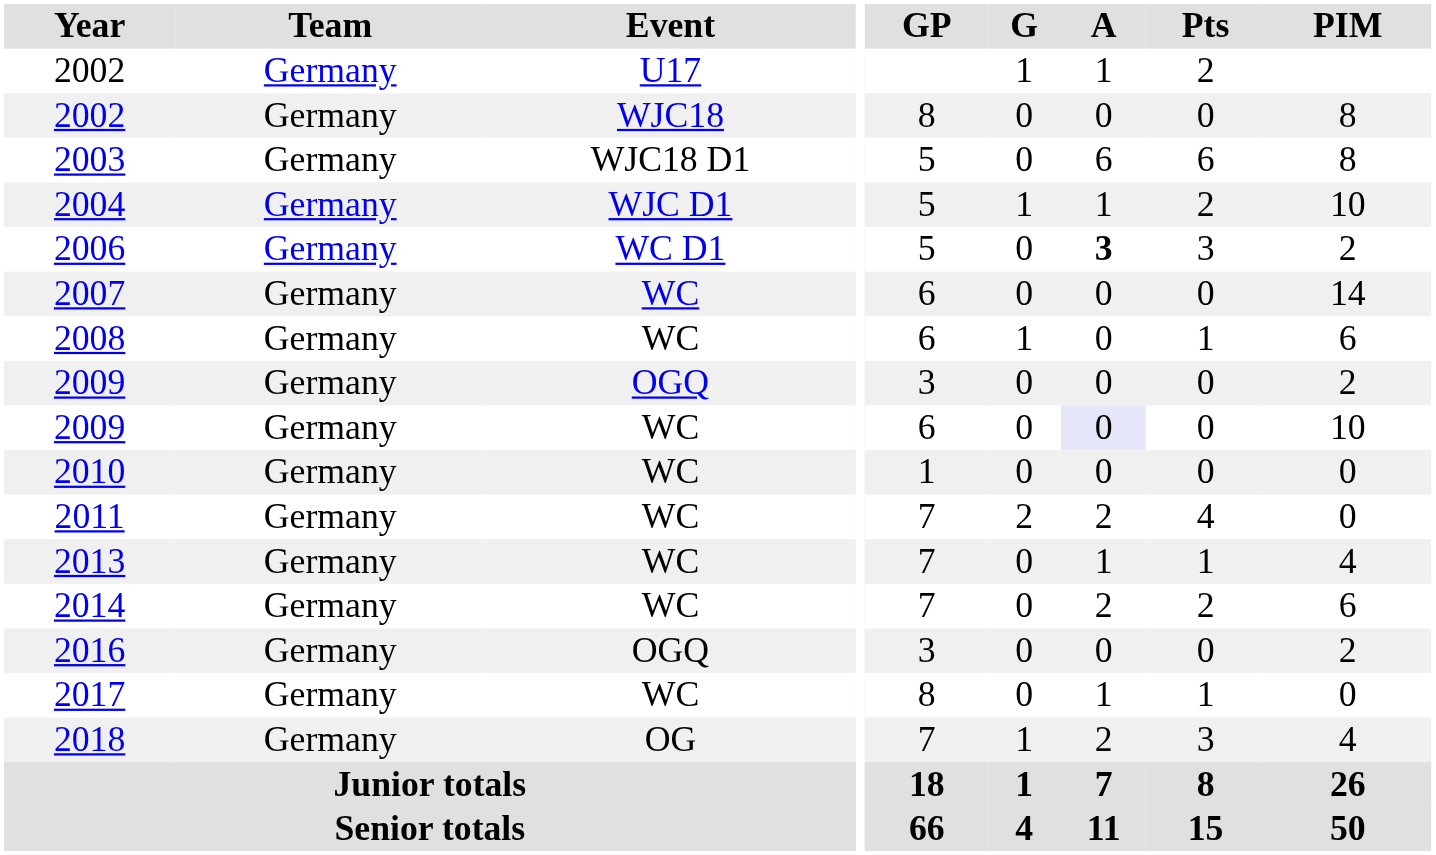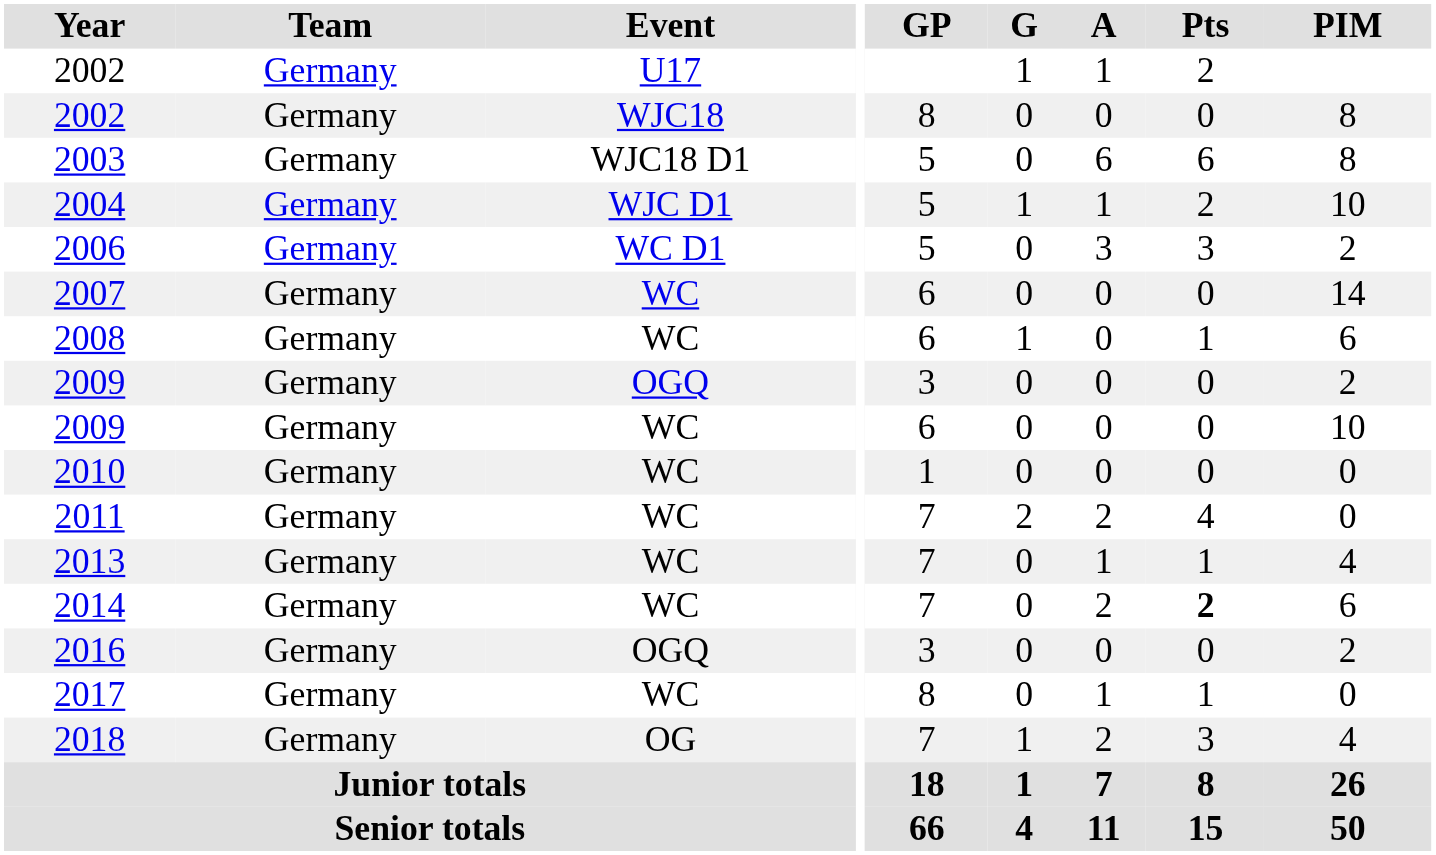 <table border="0" cellpadding="1" cellspacing="0" ID="Table3" style="text-align:center; width:40em">
 <tr ALIGN="center" bgcolor="#e0e0e0">
 <th>Year</th>
 <th>Team</th>
 <th>Event</th>
 <th rowspan="99" bgcolor="#ffffff"></th>
 <th>GP</th>
 <th>G</th>
 <th>A</th>
 <th>Pts</th>
 <th>PIM</th>
 </tr>
 <tr>
 <td>2002</td>
 <td><a href='#'>Germany</a></td>
 <td><a href='#'>U17</a></td>
 <td></td>
 <td>1</td>
 <td>1</td>
 <td>2</td>
 <td></td>
 </tr>
 <tr bgcolor="#f0f0f0">
 <td><a href='#'>2002</a></td>
 <td>Germany</td>
 <td><a href='#'>WJC18</a></td>
 <td>8</td>
 <td>0</td>
 <td>0</td>
 <td>0</td>
 <td>8</td>
 </tr>
 <tr>
 <td><a href='#'>2003</a></td>
 <td>Germany</td>
 <td>WJC18 D1</td>
 <td>5</td>
 <td>0</td>
 <td>6</td>
 <td>6</td>
 <td>8</td>
 </tr>
 <tr bgcolor="#f0f0f0">
 <td><a href='#'>2004</a></td>
 <td><a href='#'>Germany</a></td>
 <td><a href='#'>WJC D1</a></td>
 <td>5</td>
 <td>1</td>
 <td>1</td>
 <td>2</td>
 <td>10</td>
 </tr>
 <tr>
 <td><a href='#'>2006</a></td>
 <td><a href='#'>Germany</a></td>
 <td><a href='#'>WC D1</a></td>
 <td>5</td>
 <td>0</td>
-<td><strong>3</strong></td>
+<td>3</td>
 <td>3</td>
 <td>2</td>
 </tr>
 <tr bgcolor="#f0f0f0">
 <td><a href='#'>2007</a></td>
 <td>Germany</td>
 <td><a href='#'>WC</a></td>
 <td>6</td>
 <td>0</td>
 <td>0</td>
 <td>0</td>
 <td>14</td>
 </tr>
 <tr>
 <td><a href='#'>2008</a></td>
 <td>Germany</td>
 <td>WC</td>
 <td>6</td>
 <td>1</td>
 <td>0</td>
 <td>1</td>
 <td>6</td>
 </tr>
 <tr bgcolor="#f0f0f0">
 <td><a href='#'>2009</a></td>
 <td>Germany</td>
 <td><a href='#'>OGQ</a></td>
 <td>3</td>
 <td>0</td>
 <td>0</td>
 <td>0</td>
 <td>2</td>
 </tr>
 <tr>
 <td><a href='#'>2009</a></td>
 <td>Germany</td>
 <td>WC</td>
 <td>6</td>
 <td>0</td>
-<td style="background: lavender;">0</td>
+<td>0</td>
 <td>0</td>
 <td>10</td>
 </tr>
 <tr bgcolor="#f0f0f0">
 <td><a href='#'>2010</a></td>
 <td>Germany</td>
 <td>WC</td>
 <td>1</td>
 <td>0</td>
 <td>0</td>
 <td>0</td>
 <td>0</td>
 </tr>
 <tr>
 <td><a href='#'>2011</a></td>
 <td>Germany</td>
 <td>WC</td>
 <td>7</td>
 <td>2</td>
 <td>2</td>
 <td>4</td>
 <td>0</td>
 </tr>
 <tr bgcolor="#f0f0f0">
 <td><a href='#'>2013</a></td>
 <td>Germany</td>
 <td>WC</td>
 <td>7</td>
 <td>0</td>
 <td>1</td>
 <td>1</td>
 <td>4</td>
 </tr>
 <tr>
 <td><a href='#'>2014</a></td>
 <td>Germany</td>
 <td>WC</td>
 <td>7</td>
 <td>0</td>
 <td>2</td>
-<td>2</td>
+<td><strong>2</strong></td>
 <td>6</td>
 </tr>
 <tr bgcolor="#f0f0f0">
 <td><a href='#'>2016</a></td>
 <td>Germany</td>
 <td>OGQ</td>
 <td>3</td>
 <td>0</td>
 <td>0</td>
 <td>0</td>
 <td>2</td>
 </tr>
 <tr>
 <td><a href='#'>2017</a></td>
 <td>Germany</td>
 <td>WC</td>
 <td>8</td>
 <td>0</td>
 <td>1</td>
 <td>1</td>
 <td>0</td>
 </tr>
 <tr bgcolor="#f0f0f0">
 <td><a href='#'>2018</a></td>
 <td>Germany</td>
 <td>OG</td>
 <td>7</td>
 <td>1</td>
 <td>2</td>
 <td>3</td>
 <td>4</td>
 </tr>
 <tr bgcolor="#e0e0e0">
 <th colspan=3>Junior totals</th>
 <th>18</th>
 <th>1</th>
 <th>7</th>
 <th>8</th>
 <th>26</th>
 </tr>
 <tr bgcolor="#e0e0e0">
 <th colspan=3>Senior totals</th>
 <th>66</th>
 <th>4</th>
 <th>11</th>
 <th>15</th>
 <th>50</th>
 </tr>
 </table>
